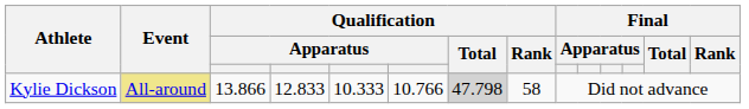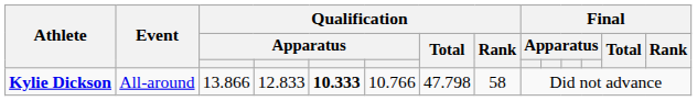 <table class="wikitable" style="font-size:90%">
 <tr>
 <th rowspan=3>Athlete</th>
 <th rowspan=3>Event</th>
 <th colspan=6>Qualification</th>
 <th colspan=6>Final</th>
 </tr>
 <tr style="font-size:95%">
 <th colspan=4>Apparatus</th>
 <th rowspan=2>Total</th>
 <th rowspan=2>Rank</th>
 <th colspan=4>Apparatus</th>
 <th rowspan=2>Total</th>
 <th rowspan=2>Rank</th>
 </tr>
 <tr style="font-size:95%">
 <th></th>
 <th></th>
 <th></th>
 <th></th>
 <th></th>
 <th></th>
 <th></th>
 <th></th>
 </tr>
 <tr align=center>
-<td align=left><a href='#'>Kylie Dickson</a></td>
-<td align=left style="background: khaki;"><a href='#'>All-around</a></td>
+<td align=left><strong><a href='#'>Kylie Dickson</a></strong></td>
+<td align=left><a href='#'>All-around</a></td>
 <td>13.866</td>
 <td>12.833</td>
-<td>10.333</td>
+<td><strong>10.333</strong></td>
 <td>10.766</td>
-<td style="background: lightgrey;">47.798</td>
+<td>47.798</td>
 <td>58</td>
 <td colspan=6>Did not advance</td>
 </tr>
 </table>
